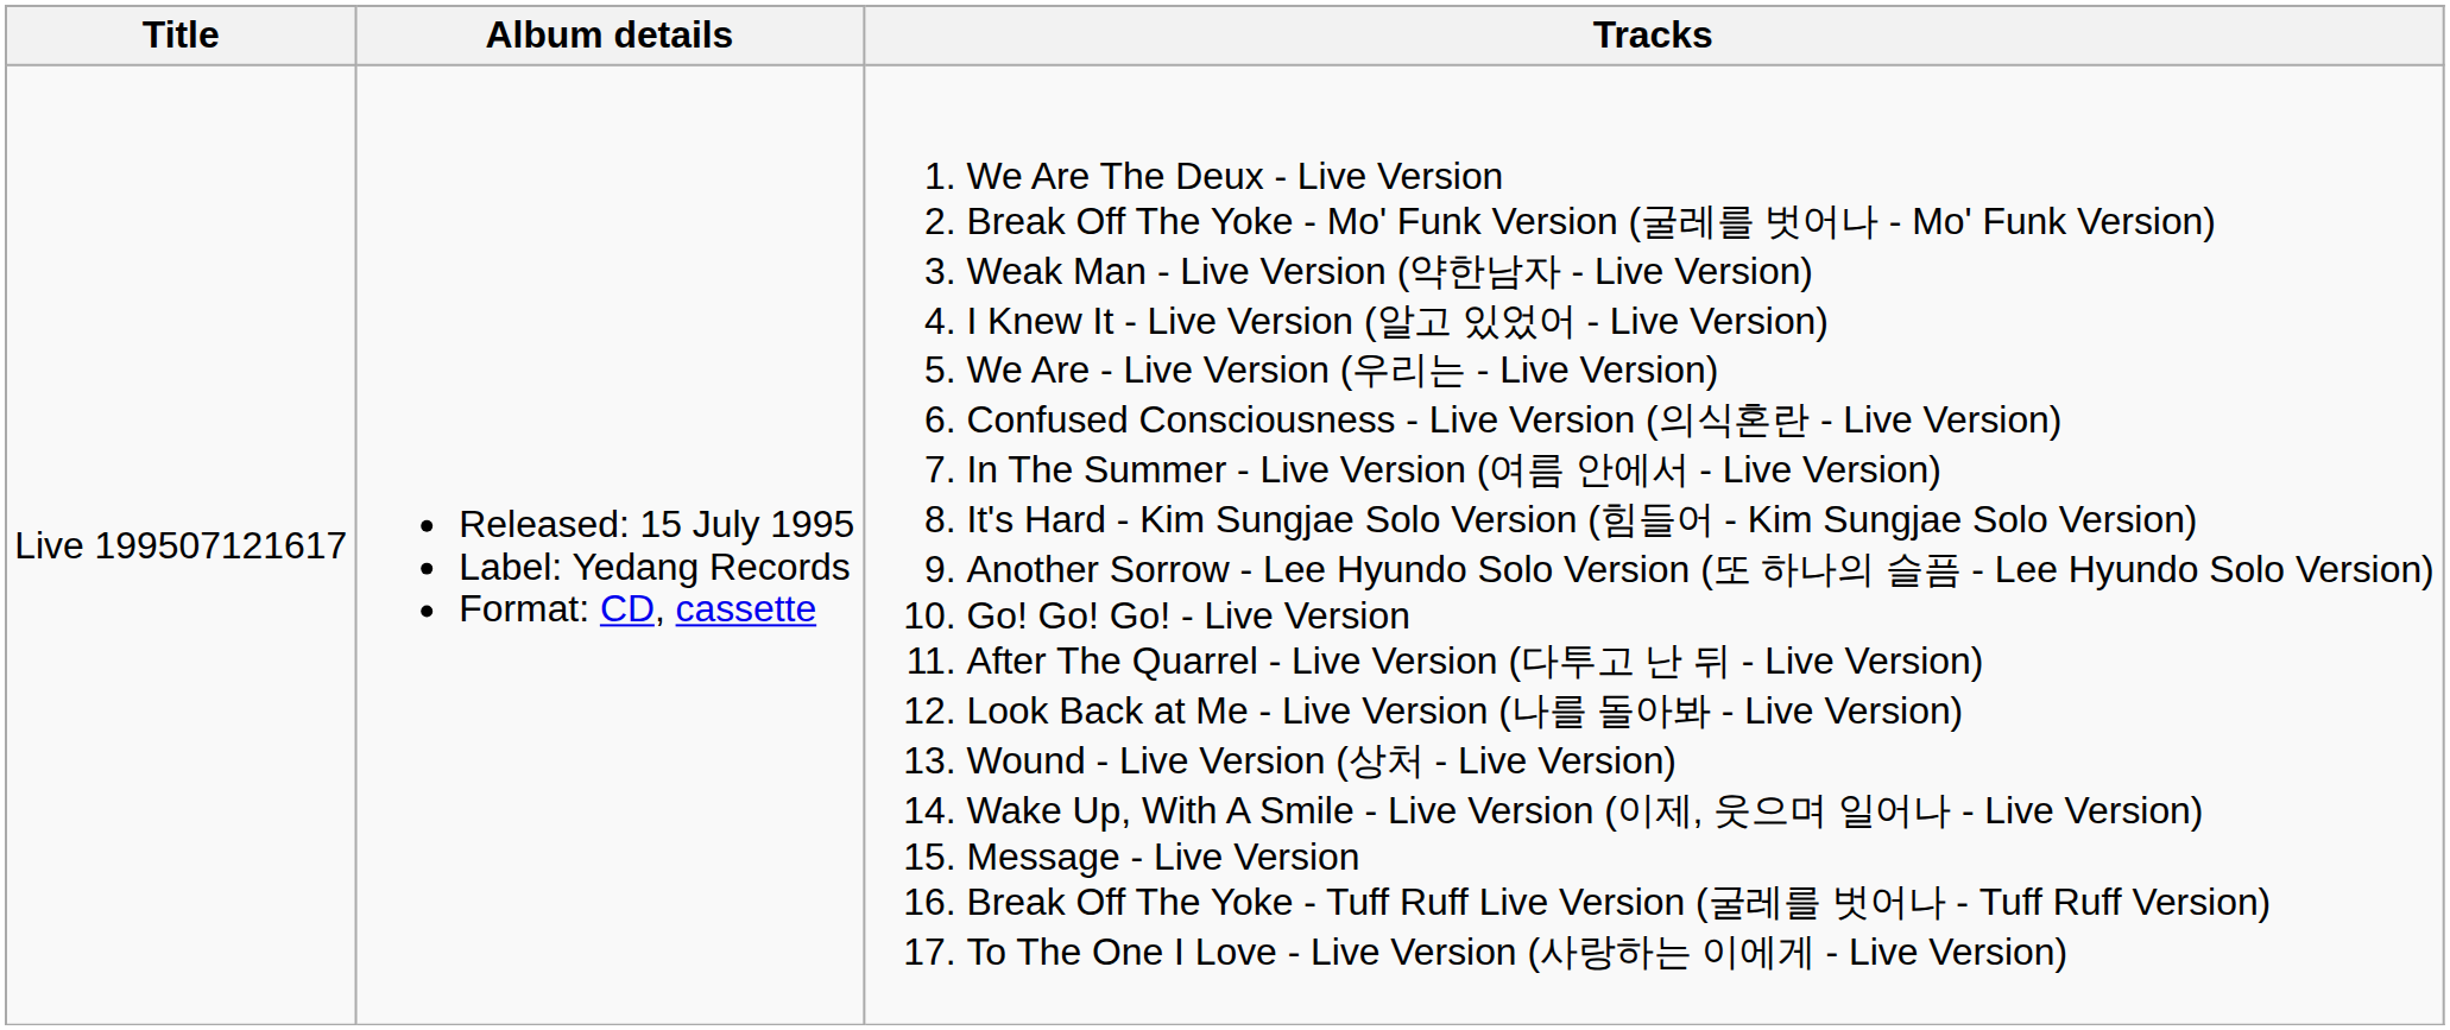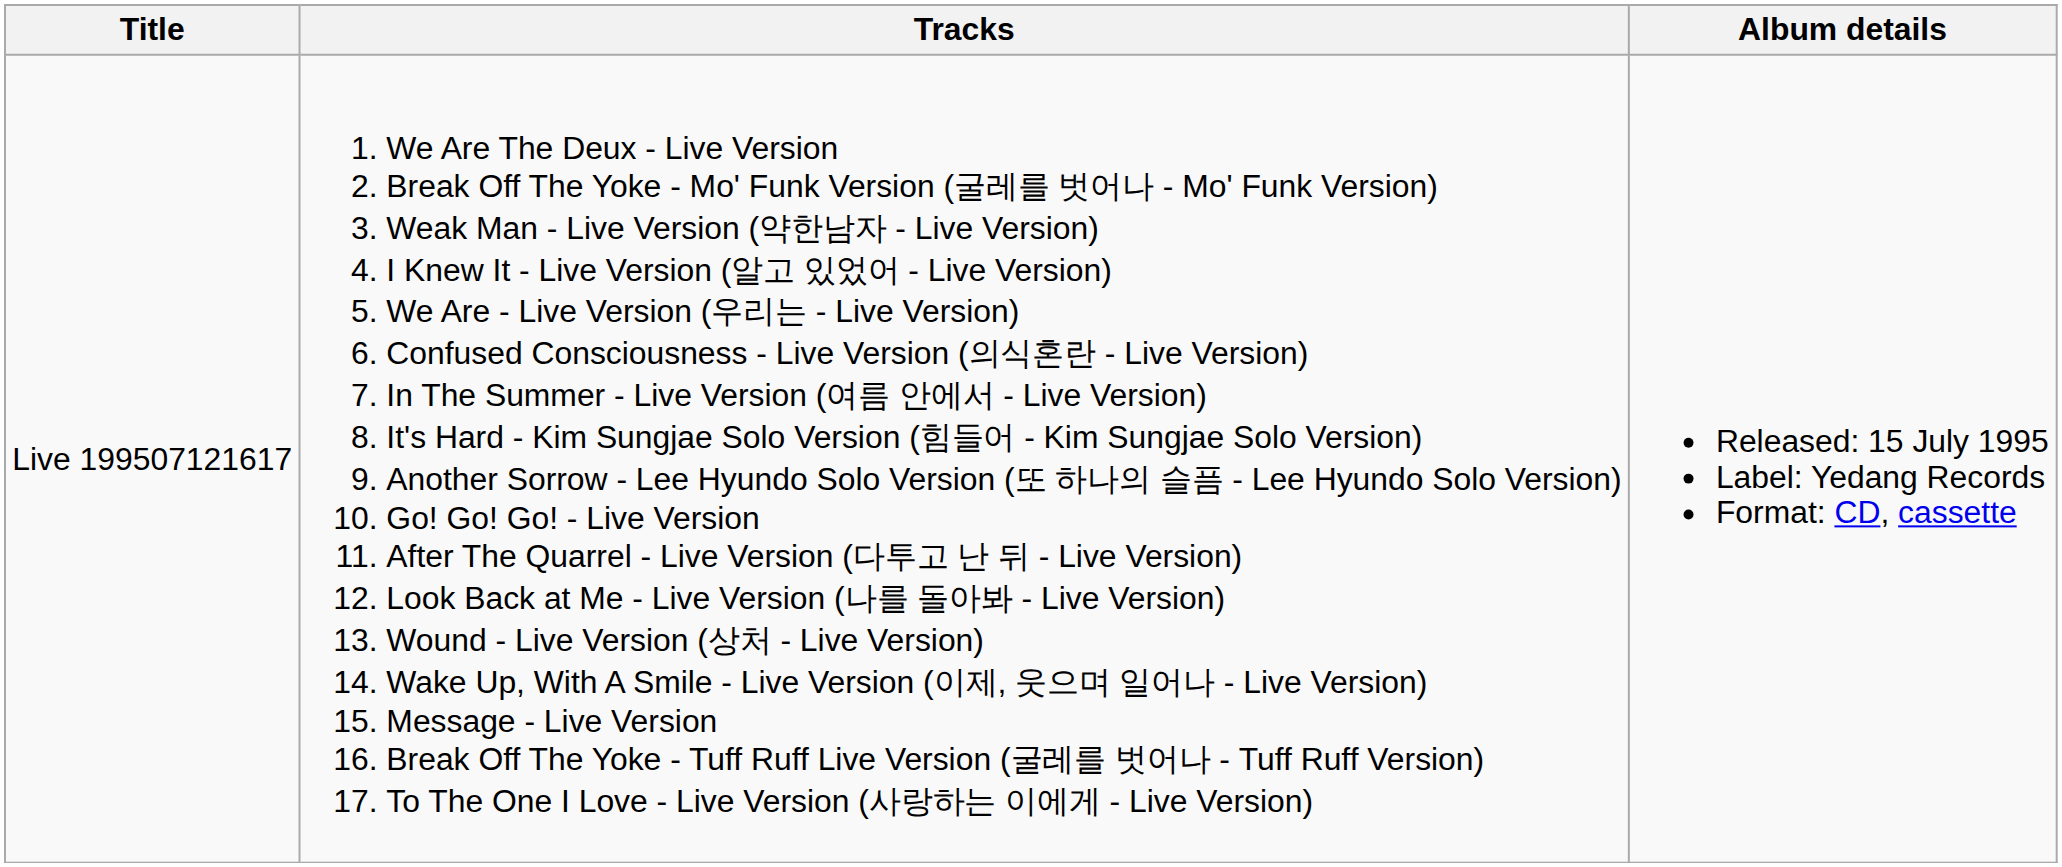 <table class = "wikitable">
 <tr>
 <th>Title</th>
+<th>Tracks</th>
 <th>Album details</th>
-<th>Tracks</th>
 </tr>
 <tr>
 <td>Live 199507121617</td>
+<td><br><ol><li>We Are The Deux - Live Version</li><li>Break Off The Yoke - Mo' Funk Version (굴레를 벗어나 - Mo' Funk Version)</li><li>Weak Man - Live Version (약한남자 - Live Version)</li><li>I Knew It - Live Version (알고 있었어 - Live Version)</li><li>We Are - Live Version (우리는 - Live Version)</li><li>Confused Consciousness - Live Version (의식혼란 - Live Version)</li><li>In The Summer - Live Version (여름 안에서 - Live Version)</li><li>It's Hard - Kim Sungjae Solo Version (힘들어 - Kim Sungjae Solo Version)</li><li>Another Sorrow - Lee Hyundo Solo Version (또 하나의 슬픔 - Lee Hyundo Solo Version)</li><li>Go! Go! Go! - Live Version</li><li>After The Quarrel - Live Version (다투고 난 뒤 - Live Version)</li><li>Look Back at Me - Live Version (나를 돌아봐 - Live Version)</li><li>Wound - Live Version (상처 - Live Version)</li><li>Wake Up, With A Smile - Live Version (이제, 웃으며 일어나 - Live Version)</li><li>Message - Live Version</li><li>Break Off The Yoke - Tuff Ruff Live Version (굴레를 벗어나 - Tuff Ruff Version)</li><li>To The One I Love - Live Version (사랑하는 이에게 - Live Version)</li></ol></td>
 <td><br><ul><li>Released: 15 July 1995</li><li>Label: Yedang Records</li><li>Format: <a href='#'>CD</a>, <a href='#'>cassette</a></li></ul></td>
-<td><br><ol><li>We Are The Deux - Live Version</li><li>Break Off The Yoke - Mo' Funk Version (굴레를 벗어나 - Mo' Funk Version)</li><li>Weak Man - Live Version (약한남자 - Live Version)</li><li>I Knew It - Live Version (알고 있었어 - Live Version)</li><li>We Are - Live Version (우리는 - Live Version)</li><li>Confused Consciousness - Live Version (의식혼란 - Live Version)</li><li>In The Summer - Live Version (여름 안에서 - Live Version)</li><li>It's Hard - Kim Sungjae Solo Version (힘들어 - Kim Sungjae Solo Version)</li><li>Another Sorrow - Lee Hyundo Solo Version (또 하나의 슬픔 - Lee Hyundo Solo Version)</li><li>Go! Go! Go! - Live Version</li><li>After The Quarrel - Live Version (다투고 난 뒤 - Live Version)</li><li>Look Back at Me - Live Version (나를 돌아봐 - Live Version)</li><li>Wound - Live Version (상처 - Live Version)</li><li>Wake Up, With A Smile - Live Version (이제, 웃으며 일어나 - Live Version)</li><li>Message - Live Version</li><li>Break Off The Yoke - Tuff Ruff Live Version (굴레를 벗어나 - Tuff Ruff Version)</li><li>To The One I Love - Live Version (사랑하는 이에게 - Live Version)</li></ol></td>
 </tr>
 </table>
